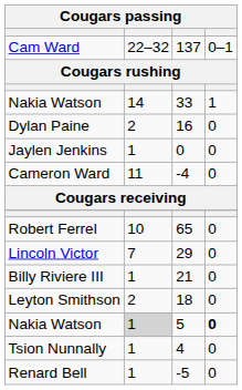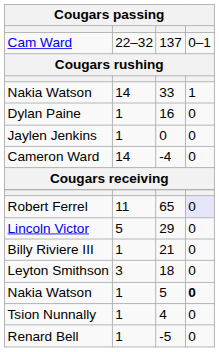 <table class="wikitable plainrowheaders">
 <tr>
 <th colspan="6">Cougars passing</th>
 </tr>
 <tr>
 <th scope="col"></th>
 <th scope="col"></th>
 <th scope="col"></th>
 <th scope="col"></th>
 </tr>
 <tr>
 <td><a href='#'>Cam Ward</a></td>
 <td>22–32</td>
 <td>137</td>
 <td>0–1</td>
 </tr>
 <tr>
 <th colspan="6">Cougars rushing</th>
 </tr>
 <tr>
 <th scope="col"></th>
 <th scope="col"></th>
 <th scope="col"></th>
 <th scope="col"></th>
 </tr>
 <tr>
 <td>Nakia Watson</td>
 <td>14</td>
 <td>33</td>
 <td>1</td>
 </tr>
 <tr>
 <td>Dylan Paine</td>
-<td>2</td>
+<td>1</td>
 <td>16</td>
 <td>0</td>
 </tr>
 <tr>
 <td>Jaylen Jenkins</td>
 <td>1</td>
 <td>0</td>
 <td>0</td>
 </tr>
 <tr>
 <td>Cameron Ward</td>
-<td>11</td>
+<td>14</td>
 <td>-4</td>
 <td>0</td>
 </tr>
 <tr>
 <th colspan="6">Cougars receiving</th>
 </tr>
 <tr>
 </tr>
 <tr>
 <th scope="col"></th>
 <th scope="col"></th>
 <th scope="col"></th>
 <th scope="col"></th>
 </tr>
 <tr>
 <td>Robert Ferrel</td>
-<td>10</td>
+<td>11</td>
 <td>65</td>
-<td>0</td>
+<td style="background: lavender;">0</td>
 </tr>
 <tr>
 <td><a href='#'>Lincoln Victor</a></td>
-<td>7</td>
+<td>5</td>
 <td>29</td>
 <td>0</td>
 </tr>
 <tr>
 <td>Billy Riviere III</td>
 <td>1</td>
 <td>21</td>
 <td>0</td>
 </tr>
 <tr>
 <td>Leyton Smithson</td>
-<td>2</td>
+<td>3</td>
 <td>18</td>
 <td>0</td>
 </tr>
 <tr>
 <td>Nakia Watson</td>
-<td style="background: lightgrey;">1</td>
+<td>1</td>
 <td>5</td>
 <td><strong>0</strong></td>
 </tr>
 <tr>
 <td>Tsion Nunnally</td>
 <td>1</td>
 <td>4</td>
 <td>0</td>
 </tr>
 <tr>
 <td>Renard Bell</td>
 <td>1</td>
 <td>-5</td>
 <td>0</td>
 </tr>
 </table>
